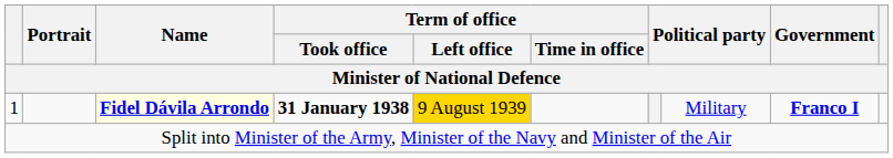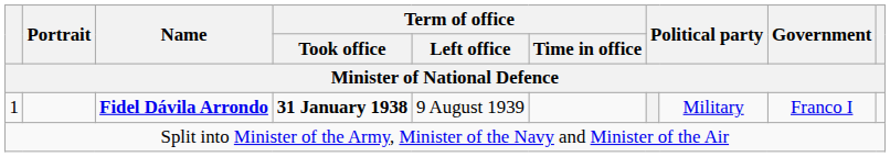 <table class="wikitable" style="text-align:center">
 <tr>
 <th rowspan=2></th>
 <th rowspan=2>Portrait</th>
 <th rowspan=2>Name<br></th>
 <th colspan=3>Term of office</th>
 <th colspan=2 rowspan=2>Political party</th>
 <th rowspan=2>Government</th>
 <th rowspan=2></th>
 </tr>
 <tr>
 <th>Took office</th>
 <th>Left office</th>
 <th>Time in office</th>
 </tr>
 <tr>
 <th colspan=10>Minister of National Defence</th>
 </tr>
 <tr>
 <td>1</td>
 <td></td>
-<td style="background: lightyellow;"><strong><a href='#'>Fidel Dávila Arrondo</a></strong><br></td>
+<td><strong><a href='#'>Fidel Dávila Arrondo</a></strong><br></td>
 <td><strong>31 January 1938</strong></td>
-<td style="background: gold;">9 August 1939</td>
+<td>9 August 1939</td>
 <td></td>
 <th style="background:"></th>
 <td><a href='#'>Military</a></td>
-<td><strong><a href='#'>Franco I</a></strong></td>
+<td><a href='#'>Franco I</a></td>
 <td></td>
 </tr>
 <tr>
 <td colspan=10>Split into <a href='#'>Minister of the Army</a>, <a href='#'>Minister of the Navy</a> and <a href='#'>Minister of the Air</a></td>
 </tr>
 </table>
